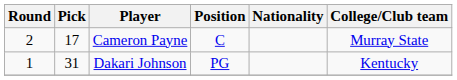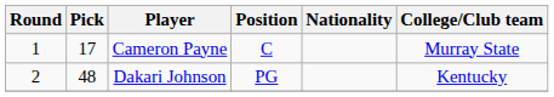 <table class="wikitable sortable sortable">
 <tr>
 <th>Round</th>
 <th>Pick</th>
 <th>Player</th>
 <th>Position</th>
 <th>Nationality</th>
 <th>College/Club team</th>
 </tr>
 <tr style="text-align: center">
-<td>2</td>
+<td>1</td>
 <td>17</td>
 <td><a href='#'>Cameron Payne</a></td>
 <td><a href='#'>C</a></td>
 <td></td>
 <td><a href='#'>Murray State</a></td>
 </tr>
 <tr style="text-align: center">
-<td>1</td>
-<td>31</td>
+<td>2</td>
+<td>48</td>
 <td><a href='#'>Dakari Johnson</a></td>
 <td><a href='#'>PG</a></td>
 <td></td>
 <td><a href='#'>Kentucky</a></td>
 </tr>
 <tr style="text-align: center">
 </tr>
 </table>
